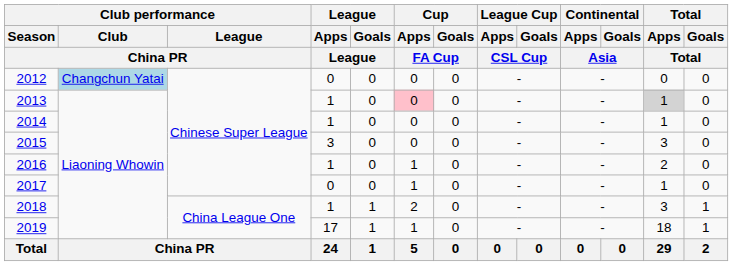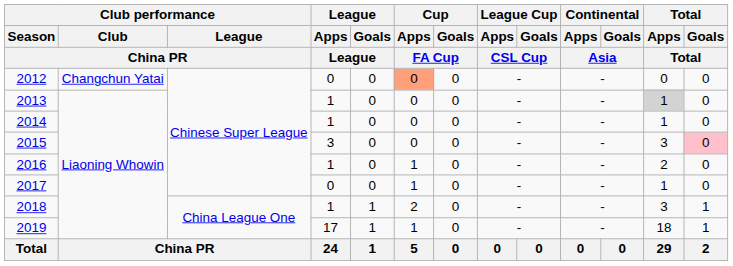 <table class="wikitable" style="text-align:center">
 <tr>
 <th colspan=3>Club performance</th>
 <th colspan=2>League</th>
 <th colspan=2>Cup</th>
 <th colspan=2>League Cup</th>
 <th colspan=2>Continental</th>
 <th colspan=2>Total</th>
 </tr>
 <tr>
 <th>Season</th>
 <th>Club</th>
 <th>League</th>
 <th>Apps</th>
 <th>Goals</th>
 <th>Apps</th>
 <th>Goals</th>
 <th>Apps</th>
 <th>Goals</th>
 <th>Apps</th>
 <th>Goals</th>
 <th>Apps</th>
 <th>Goals</th>
 </tr>
 <tr>
 <th colspan=3>China PR</th>
 <th colspan=2>League</th>
 <th colspan=2><a href='#'>FA Cup</a></th>
 <th colspan=2><a href='#'>CSL Cup</a></th>
 <th colspan=2><a href='#'>Asia</a></th>
 <th colspan=2>Total</th>
 </tr>
 <tr>
 <td><a href='#'>2012</a></td>
-<td style="background: lightblue;"><a href='#'>Changchun Yatai</a></td>
+<td><a href='#'>Changchun Yatai</a></td>
 <td rowspan="6"><a href='#'>Chinese Super League</a></td>
 <td>0</td>
 <td>0</td>
-<td>0</td>
+<td style="background: lightsalmon;">0</td>
 <td>0</td>
 <td colspan="2">-</td>
 <td colspan="2">-</td>
 <td>0</td>
 <td>0</td>
 </tr>
 <tr>
 <td><a href='#'>2013</a></td>
 <td rowspan="7"><a href='#'>Liaoning Whowin</a></td>
 <td>1</td>
 <td>0</td>
-<td style="background: pink;">0</td>
+<td>0</td>
 <td>0</td>
 <td colspan="2">-</td>
 <td colspan="2">-</td>
 <td style="background: lightgrey;">1</td>
 <td>0</td>
 </tr>
 <tr>
 <td><a href='#'>2014</a></td>
 <td>1</td>
 <td>0</td>
 <td>0</td>
 <td>0</td>
 <td colspan="2">-</td>
 <td colspan="2">-</td>
 <td>1</td>
 <td>0</td>
 </tr>
 <tr>
 <td><a href='#'>2015</a></td>
 <td>3</td>
 <td>0</td>
 <td>0</td>
 <td>0</td>
 <td colspan="2">-</td>
 <td colspan="2">-</td>
 <td>3</td>
-<td>0</td>
+<td style="background: pink;">0</td>
 </tr>
 <tr>
 <td><a href='#'>2016</a></td>
 <td>1</td>
 <td>0</td>
 <td>1</td>
 <td>0</td>
 <td colspan="2">-</td>
 <td colspan="2">-</td>
 <td>2</td>
 <td>0</td>
 </tr>
 <tr>
 <td><a href='#'>2017</a></td>
 <td>0</td>
 <td>0</td>
 <td>1</td>
 <td>0</td>
 <td colspan="2">-</td>
 <td colspan="2">-</td>
 <td>1</td>
 <td>0</td>
 </tr>
 <tr>
 <td><a href='#'>2018</a></td>
 <td rowspan="2"><a href='#'>China League One</a></td>
 <td>1</td>
 <td>1</td>
 <td>2</td>
 <td>0</td>
 <td colspan="2">-</td>
 <td colspan="2">-</td>
 <td>3</td>
 <td>1</td>
 </tr>
 <tr>
 <td><a href='#'>2019</a></td>
 <td>17</td>
 <td>1</td>
 <td>1</td>
 <td>0</td>
 <td colspan="2">-</td>
 <td colspan="2">-</td>
 <td>18</td>
 <td>1</td>
 </tr>
 <tr>
 <th rowspan=3>Total</th>
 <th colspan=2>China PR</th>
 <th>24</th>
 <th>1</th>
 <th>5</th>
 <th>0</th>
 <th>0</th>
 <th>0</th>
 <th>0</th>
 <th>0</th>
 <th>29</th>
 <th>2</th>
 </tr>
 </table>
